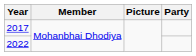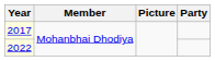 <table class="wikitable sortable">
 <tr>
 <th>Year</th>
 <th>Member</th>
 <th>Picture</th>
 <th colspan="2">Party</th>
 </tr>
 <tr>
-<td><a href='#'>2017</a></td>
+<td style="background: lightyellow;"><a href='#'>2017</a></td>
 <td rowspan="2"><a href='#'>Mohanbhai Dhodiya</a></td>
 <td rowspan="2"></td>
 <td></td>
 </tr>
 <tr>
-<td><a href='#'>2022</a></td>
+<td style="background: lightyellow;"><a href='#'>2022</a></td>
 </tr>
 </table>
